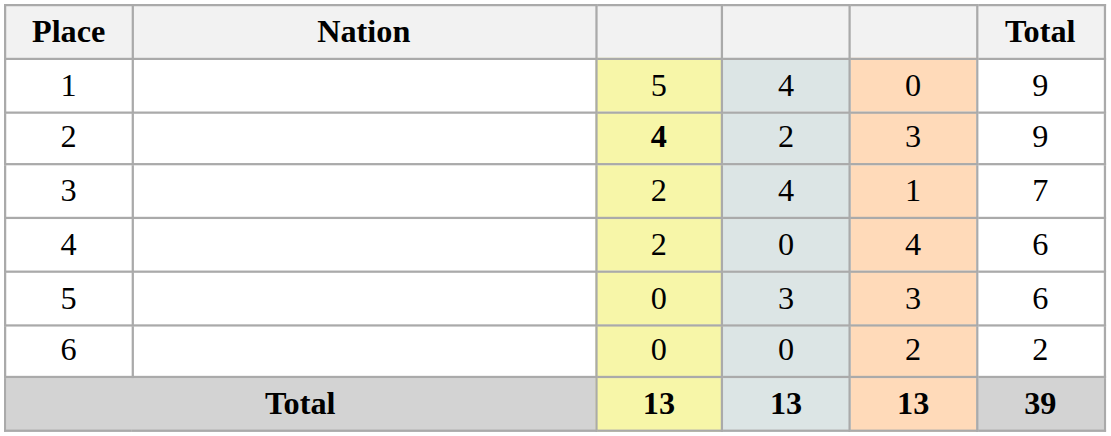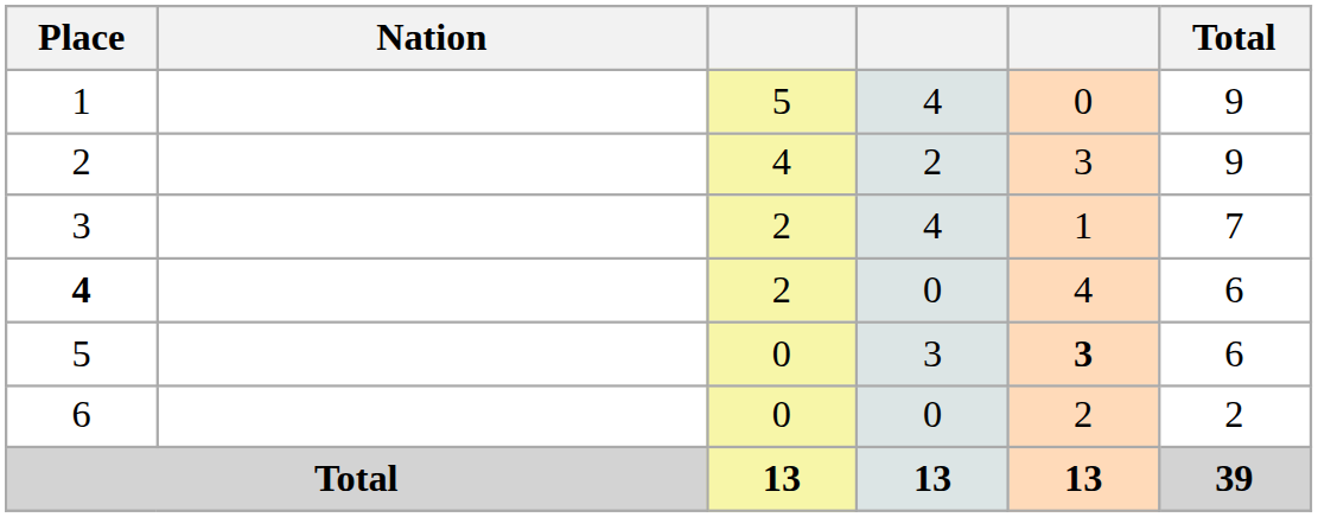 <table class=wikitable style="border:1px solid #AAAAAA;font-size:90%">
 <tr bgcolor="#EFEFEF">
 <th width=50>Place</th>
 <th width=200>Nation</th>
 <th width=50></th>
 <th width=50></th>
 <th width=50></th>
 <th width=50>Total</th>
 </tr>
 <tr align="center" valign="top" bgcolor="#FFFFFF">
 <td>1</td>
 <td align="left"></td>
 <td style="background:#F7F6A8;">5</td>
 <td style="background:#DCE5E5;">4</td>
 <td style="background:#FFDAB9;">0</td>
 <td>9</td>
 </tr>
 <tr align="center" valign="top" bgcolor="#FFFFFF">
 <td>2</td>
 <td align="left"></td>
-<td style="background:#F7F6A8;"><strong>4</strong></td>
+<td style="background:#F7F6A8;">4</td>
 <td style="background:#DCE5E5;">2</td>
 <td style="background:#FFDAB9;">3</td>
 <td>9</td>
 </tr>
 <tr align="center" valign="top" bgcolor="#FFFFFF">
 <td>3</td>
 <td align="left"></td>
 <td style="background:#F7F6A8;">2</td>
 <td style="background:#DCE5E5;">4</td>
 <td style="background:#FFDAB9;">1</td>
 <td>7</td>
 </tr>
 <tr align="center" valign="top" bgcolor="#FFFFFF">
-<td>4</td>
+<td><strong>4</strong></td>
 <td align="left"></td>
 <td style="background:#F7F6A8;">2</td>
 <td style="background:#DCE5E5;">0</td>
 <td style="background:#FFDAB9;">4</td>
 <td>6</td>
 </tr>
 <tr align="center" valign="top" bgcolor="#FFFFFF">
 <td>5</td>
 <td align="left"></td>
 <td style="background:#F7F6A8;">0</td>
 <td style="background:#DCE5E5;">3</td>
-<td style="background:#FFDAB9;">3</td>
+<td style="background:#FFDAB9;"><strong>3</strong></td>
 <td>6</td>
 </tr>
 <tr align="center" valign="top" bgcolor="#FFFFFF">
 <td>6</td>
 <td align="left"></td>
 <td style="background:#F7F6A8;">0</td>
 <td style="background:#DCE5E5;">0</td>
 <td style="background:#FFDAB9;">2</td>
 <td>2</td>
 </tr>
 <tr align="center">
 <td colspan="2" bgcolor=D3D3D3><strong>Total</strong></td>
 <td style="background:#F7F6A8;"><strong>13</strong></td>
 <td style="background:#DCE5E5;"><strong>13</strong></td>
 <td style="background:#FFDAB9;"><strong>13</strong></td>
 <td bgcolor=D3D3D3><strong>39</strong></td>
 </tr>
 </table>
